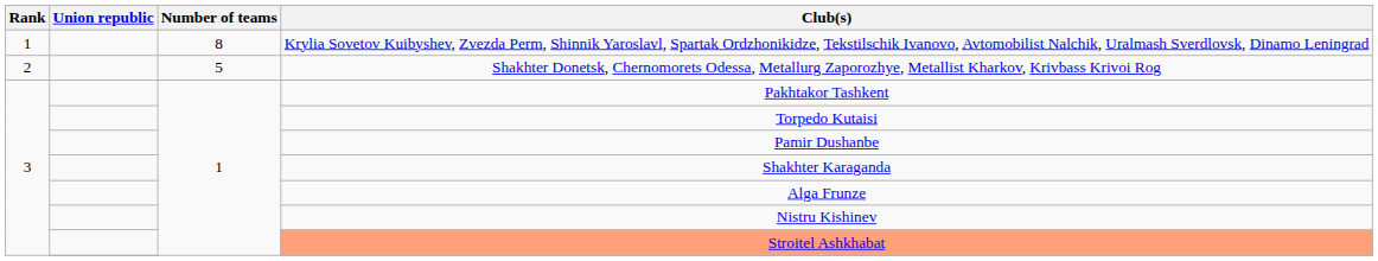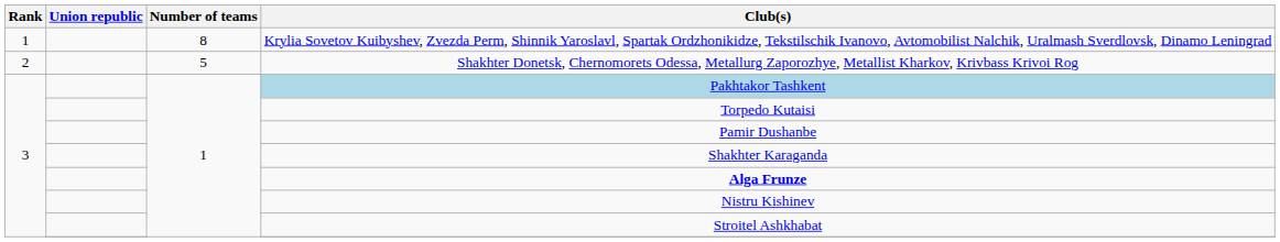 <table class="wikitable">
 <tr>
 <th>Rank</th>
 <th><a href='#'>Union republic</a></th>
 <th>Number of teams</th>
 <th>Club(s)</th>
 </tr>
 <tr>
 <td align="center">1</td>
 <td></td>
 <td align="center">8</td>
 <td align="center"><a href='#'>Krylia Sovetov Kuibyshev</a>, <a href='#'>Zvezda Perm</a>, <a href='#'>Shinnik Yaroslavl</a>, <a href='#'>Spartak Ordzhonikidze</a>, <a href='#'>Tekstilschik Ivanovo</a>, <a href='#'>Avtomobilist Nalchik</a>, <a href='#'>Uralmash Sverdlovsk</a>, <a href='#'>Dinamo Leningrad</a></td>
 </tr>
 <tr>
 <td align="center">2</td>
 <td></td>
 <td align="center">5</td>
 <td align="center"><a href='#'>Shakhter Donetsk</a>, <a href='#'>Chernomorets Odessa</a>, <a href='#'>Metallurg Zaporozhye</a>, <a href='#'>Metallist Kharkov</a>, <a href='#'>Krivbass Krivoi Rog</a></td>
 </tr>
 <tr>
 <td align="center" rowspan=10>3</td>
 <td></td>
 <td align="center" rowspan=10>1</td>
-<td align="center"><a href='#'>Pakhtakor Tashkent</a></td>
+<td align="center" style="background: lightblue;"><a href='#'>Pakhtakor Tashkent</a></td>
 </tr>
 <tr>
 <td></td>
 <td align="center"><a href='#'>Torpedo Kutaisi</a></td>
 </tr>
 <tr>
 <td></td>
 <td align="center"><a href='#'>Pamir Dushanbe</a></td>
 </tr>
 <tr>
 <td></td>
 <td align="center"><a href='#'>Shakhter Karaganda</a></td>
 </tr>
 <tr>
 <td></td>
-<td align="center"><a href='#'>Alga Frunze</a></td>
+<td align="center"><strong><a href='#'>Alga Frunze</a></strong></td>
 </tr>
 <tr>
 <td></td>
 <td align="center"><a href='#'>Nistru Kishinev</a></td>
 </tr>
 <tr>
 <td></td>
-<td align="center" style="background: lightsalmon;"><a href='#'>Stroitel Ashkhabat</a></td>
+<td align="center"><a href='#'>Stroitel Ashkhabat</a></td>
 </tr>
 <tr>
 </tr>
 </table>
